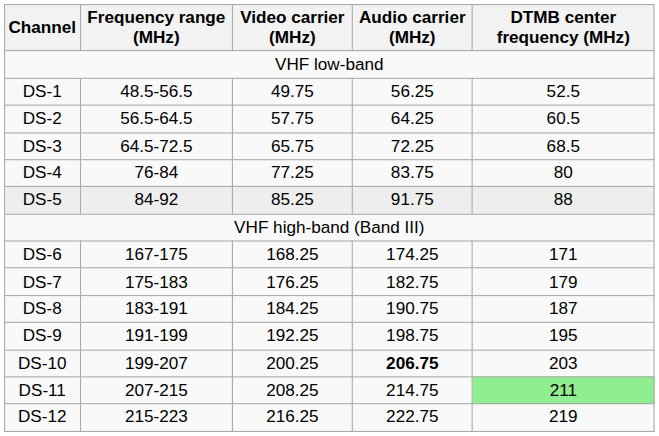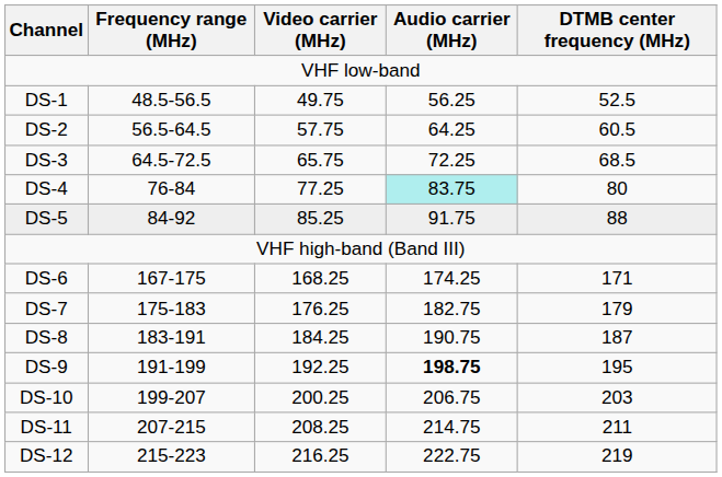 <table class="wikitable" style="text-align: center; border-collapse:collapse">
 <tr>
 <th>Channel</th>
 <th>Frequency range (MHz)</th>
 <th>Video carrier (MHz)</th>
 <th>Audio carrier (MHz)</th>
 <th>DTMB center frequency (MHz)</th>
 </tr>
 <tr>
 <td colspan=5>VHF low-band</td>
 </tr>
 <tr>
 <td>DS-1</td>
 <td>48.5-56.5</td>
 <td>49.75</td>
 <td>56.25</td>
 <td>52.5</td>
 </tr>
 <tr>
 <td>DS-2</td>
 <td>56.5-64.5</td>
 <td>57.75</td>
 <td>64.25</td>
 <td>60.5</td>
 </tr>
 <tr>
 <td>DS-3</td>
 <td>64.5-72.5</td>
 <td>65.75</td>
 <td>72.25</td>
 <td>68.5</td>
 </tr>
 <tr>
 <td>DS-4</td>
 <td>76-84</td>
 <td>77.25</td>
-<td>83.75</td>
+<td style="background: paleturquoise;">83.75</td>
 <td>80</td>
 </tr>
 <tr bgcolor=#EEEEEE>
 <td>DS-5</td>
 <td>84-92</td>
 <td>85.25</td>
 <td>91.75</td>
 <td>88</td>
 </tr>
 <tr>
 <td colspan=5>VHF high-band (Band III)</td>
 </tr>
 <tr>
 <td>DS-6</td>
 <td>167-175</td>
 <td>168.25</td>
 <td>174.25</td>
 <td>171</td>
 </tr>
 <tr>
 <td>DS-7</td>
 <td>175-183</td>
 <td>176.25</td>
 <td>182.75</td>
 <td>179</td>
 </tr>
 <tr>
 <td>DS-8</td>
 <td>183-191</td>
 <td>184.25</td>
 <td>190.75</td>
 <td>187</td>
 </tr>
 <tr>
 <td>DS-9</td>
 <td>191-199</td>
 <td>192.25</td>
-<td>198.75</td>
+<td><strong>198.75</strong></td>
 <td>195</td>
 </tr>
 <tr>
 <td>DS-10</td>
 <td>199-207</td>
 <td>200.25</td>
-<td><strong>206.75</strong></td>
+<td>206.75</td>
 <td>203</td>
 </tr>
 <tr>
 <td>DS-11</td>
 <td>207-215</td>
 <td>208.25</td>
 <td>214.75</td>
-<td style="background: lightgreen;">211</td>
+<td>211</td>
 </tr>
 <tr>
 <td>DS-12</td>
 <td>215-223</td>
 <td>216.25</td>
 <td>222.75</td>
 <td>219</td>
 </tr>
 </table>
